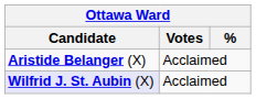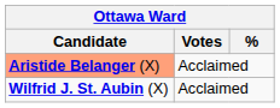 <table class="wikitable">
 <tr>
 <th colspan="3"><a href='#'>Ottawa Ward</a></th>
 </tr>
 <tr>
 <th style="width: 170px">Candidate</th>
 <th style="width: 50px">Votes</th>
 <th style="width: 40px">%</th>
 </tr>
 <tr>
-<td><strong><a href='#'>Aristide Belanger</a></strong> (X)</td>
+<td style="background: lightsalmon;"><strong><a href='#'>Aristide Belanger</a></strong> (X)</td>
 <td colspan="2">Acclaimed</td>
 </tr>
 <tr>
-<td style="background: lavender;"><strong><a href='#'>Wilfrid J. St. Aubin</a></strong> (X)</td>
+<td><strong><a href='#'>Wilfrid J. St. Aubin</a></strong> (X)</td>
 <td colspan="2">Acclaimed</td>
 </tr>
 </table>
